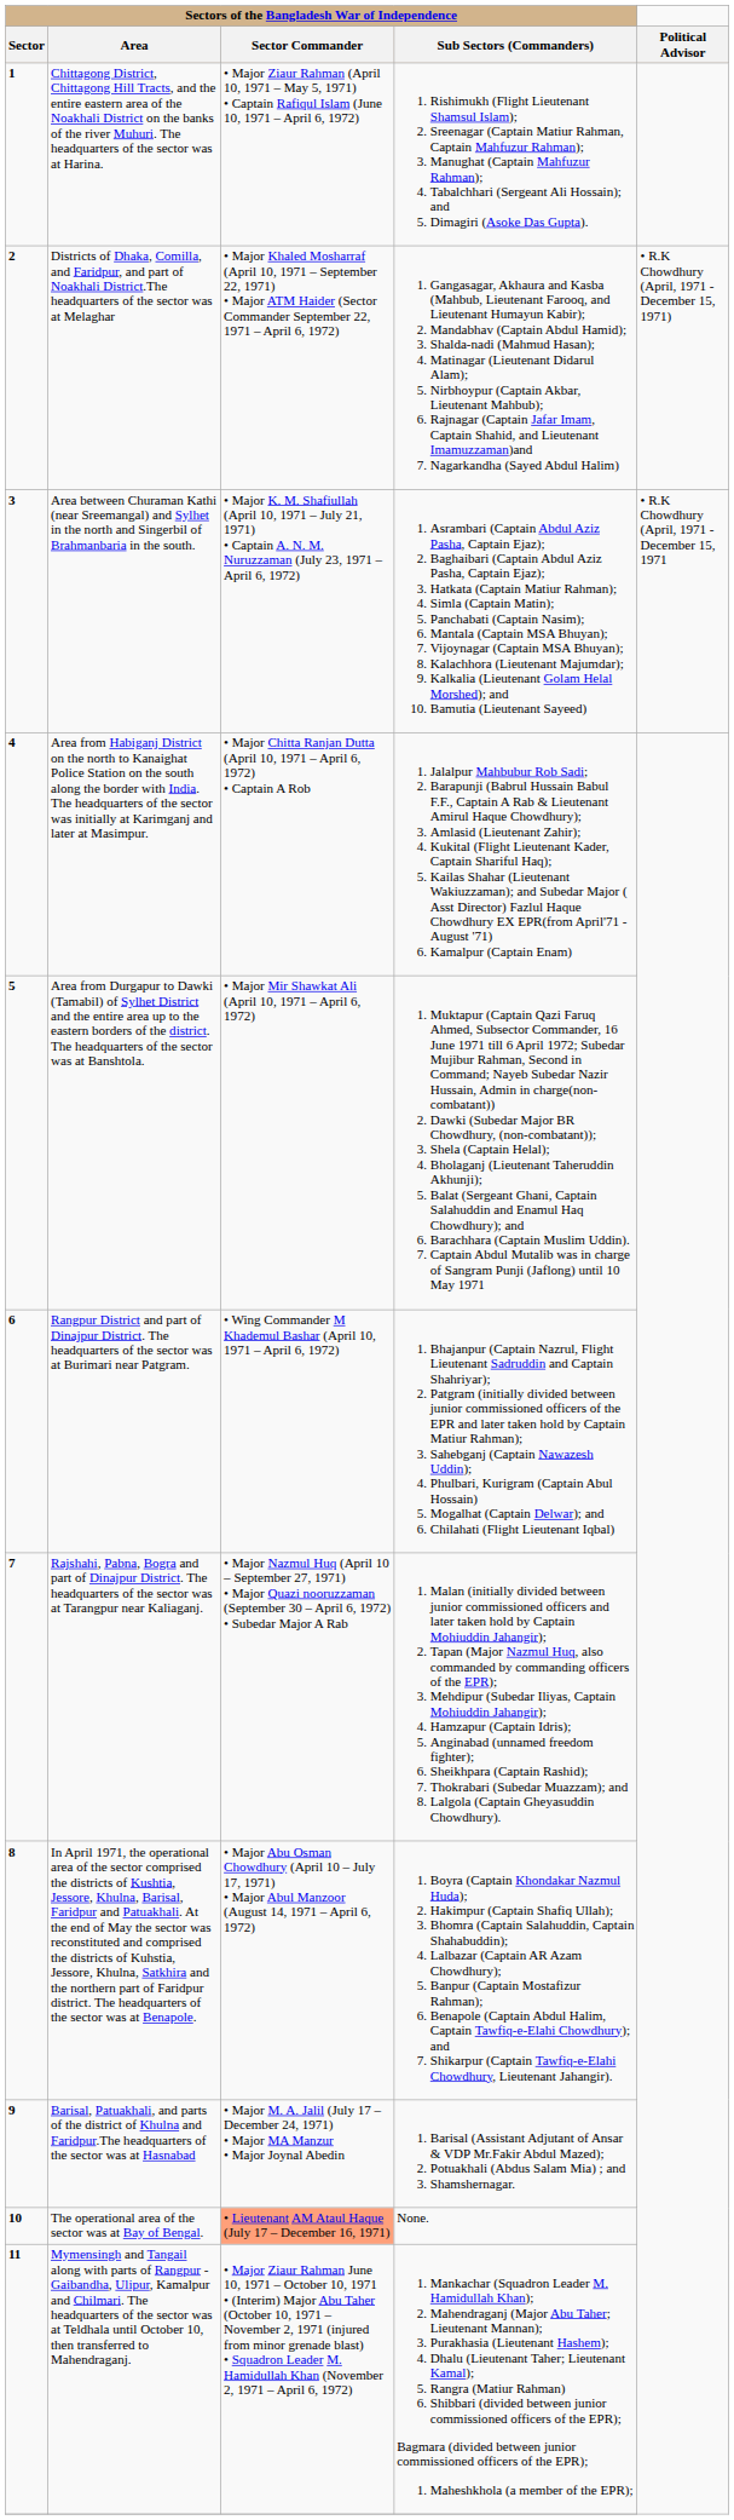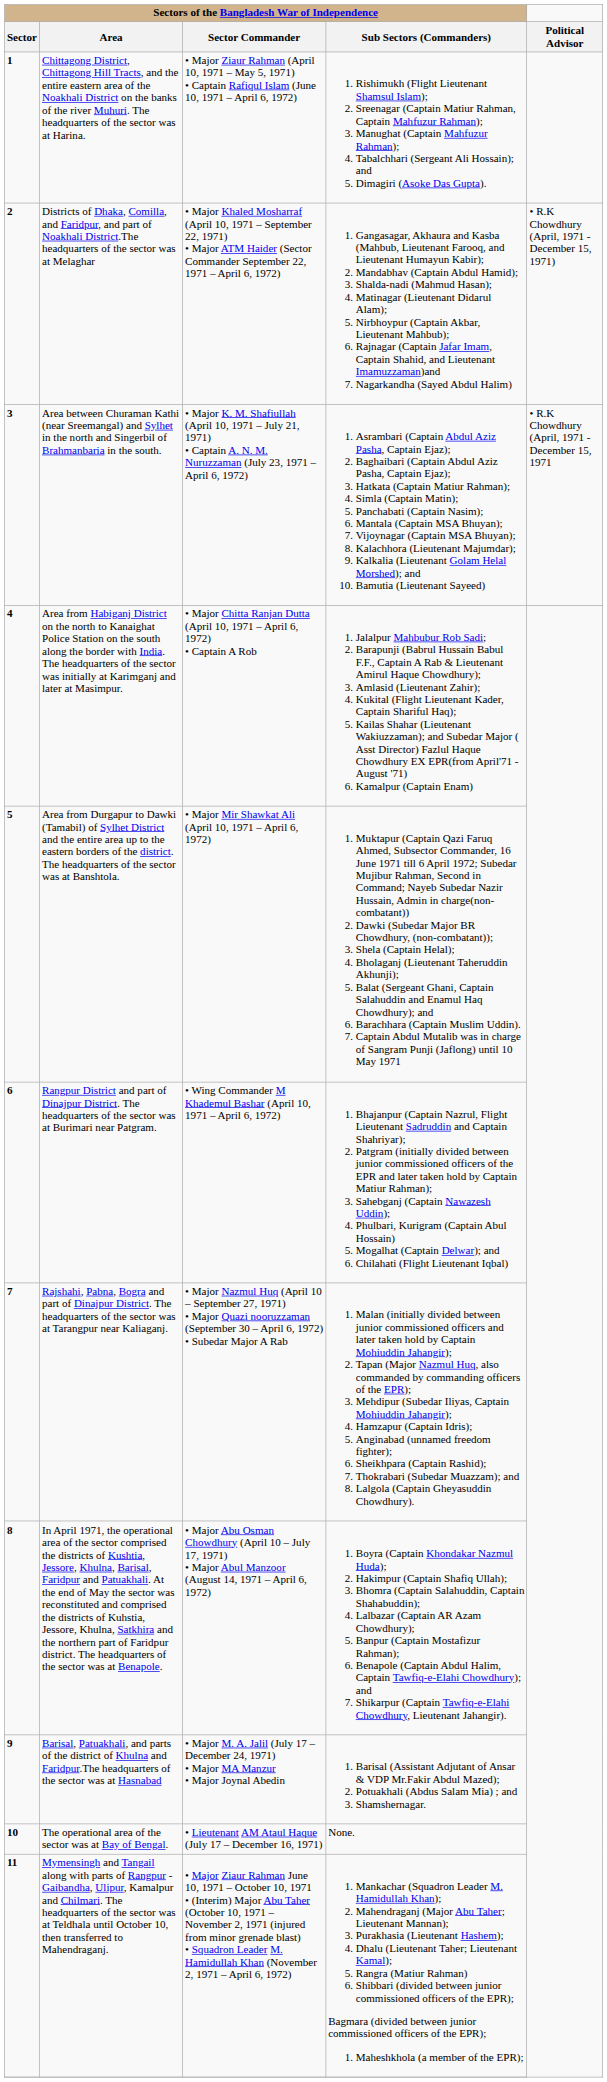 <table class="wikitable">
 <tr>
 <th colspan="4" style="background:tan;">Sectors of the <a href='#'>Bangladesh War of Independence</a></th>
 </tr>
 <tr style="background-color: #ffdab9;">
 <th>Sector</th>
 <th width="200pt">Area</th>
 <th width="200pt">Sector Commander</th>
 <th>Sub Sectors (Commanders)</th>
 <th>Political Advisor</th>
 </tr>
 <tr valign="top">
 <td><strong>1</strong></td>
 <td width="200pt"><a href='#'>Chittagong District</a>, <a href='#'>Chittagong Hill Tracts</a>, and the entire eastern area of the <a href='#'>Noakhali District</a> on the banks of the river <a href='#'>Muhuri</a>. The headquarters of the sector was at Harina.</td>
 <td width="120pt">• Major <a href='#'>Ziaur Rahman</a> (April 10, 1971 – May 5, 1971) <br>   • Captain <a href='#'>Rafiqul Islam</a> (June 10, 1971 – April 6, 1972)</td>
 <td><br><ol><li>Rishimukh (Flight Lieutenant <a href='#'>Shamsul Islam</a>);</li><li>Sreenagar (Captain Matiur Rahman, Captain <a href='#'>Mahfuzur Rahman</a>);</li><li>Manughat (Captain <a href='#'>Mahfuzur Rahman</a>);</li><li>Tabalchhari (Sergeant Ali Hossain); and</li><li>Dimagiri (<a href='#'>Asoke Das Gupta</a>).</li></ol></td>
 <td></td>
 </tr>
 <tr valign="top">
 <td><strong>2</strong></td>
 <td width="200pt">Districts of <a href='#'>Dhaka</a>, <a href='#'>Comilla</a>, and <a href='#'>Faridpur</a>, and part of <a href='#'>Noakhali District</a>.The headquarters of the sector was at Melaghar</td>
 <td width="120pt">• Major <a href='#'>Khaled Mosharraf</a> (April 10, 1971 – September 22, 1971)<br> • Major <a href='#'>ATM Haider</a> (Sector Commander September 22, 1971 – April 6, 1972)</td>
 <td><br><ol><li>Gangasagar, Akhaura and Kasba (Mahbub, Lieutenant Farooq, and Lieutenant Humayun Kabir);</li><li>Mandabhav (Captain Abdul Hamid);</li><li>Shalda-nadi (Mahmud Hasan);</li><li>Matinagar (Lieutenant Didarul Alam);</li><li>Nirbhoypur (Captain Akbar, Lieutenant Mahbub);</li><li>Rajnagar (Captain <a href='#'>Jafar Imam</a>, Captain Shahid, and Lieutenant <a href='#'>Imamuzzaman</a>)and</li><li>Nagarkandha (Sayed Abdul Halim)</li></ol></td>
 <td>• R.K Chowdhury (April, 1971 - December 15, 1971)</td>
 </tr>
 <tr valign="top">
 <td><strong>3</strong></td>
 <td width="200pt">Area between Churaman Kathi (near Sreemangal) and <a href='#'>Sylhet</a> in the north and Singerbil of <a href='#'>Brahmanbaria</a> in the south.</td>
 <td width="120pt">• Major <a href='#'>K. M. Shafiullah</a> (April 10, 1971 – July 21, 1971)<br> • Captain <a href='#'>A. N. M. Nuruzzaman</a> (July 23, 1971 – April 6, 1972)</td>
 <td><br><ol><li>Asrambari (Captain <a href='#'>Abdul Aziz Pasha</a>, Captain Ejaz);</li><li>Baghaibari (Captain Abdul Aziz Pasha, Captain Ejaz);</li><li>Hatkata (Captain Matiur Rahman);</li><li>Simla (Captain Matin);</li><li>Panchabati (Captain Nasim);</li><li>Mantala (Captain MSA Bhuyan);</li><li>Vijoynagar (Captain MSA Bhuyan);</li><li>Kalachhora (Lieutenant Majumdar);</li><li>Kalkalia (Lieutenant <a href='#'>Golam Helal Morshed</a>); and</li><li>Bamutia (Lieutenant Sayeed)</li></ol></td>
 <td>• R.K Chowdhury (April, 1971 - December 15, 1971</td>
 </tr>
 <tr valign="top">
 <td><strong>4</strong></td>
 <td width="200pt">Area from <a href='#'>Habiganj District</a> on the north to Kanaighat Police Station on the south along the  border with <a href='#'>India</a>. The headquarters of the sector was initially at Karimganj and later at Masimpur.</td>
 <td width="120pt">• Major <a href='#'>Chitta Ranjan Dutta</a> (April 10, 1971 – April 6, 1972)<br> • Captain A Rob</td>
 <td><br><ol><li>Jalalpur <a href='#'>Mahbubur Rob Sadi</a>;</li><li>Barapunji (Babrul Hussain Babul F.F., Captain A Rab & Lieutenant Amirul Haque Chowdhury);</li><li>Amlasid (Lieutenant Zahir);</li><li>Kukital (Flight Lieutenant Kader, Captain Shariful Haq);</li><li>Kailas Shahar (Lieutenant Wakiuzzaman); and  Subedar Major ( Asst Director) Fazlul Haque Chowdhury EX EPR(from April'71 - August '71)</li><li>Kamalpur (Captain Enam)</li></ol></td>
 </tr>
 <tr valign="top">
 <td><strong>5</strong></td>
 <td width="200pt">Area from Durgapur to Dawki (Tamabil) of <a href='#'>Sylhet District</a> and the entire area up to the eastern borders of the <a href='#'>district</a>. The headquarters of the sector was at Banshtola.</td>
 <td width="120pt">• Major <a href='#'>Mir Shawkat Ali</a> (April 10, 1971 – April 6, 1972)</td>
 <td><br><ol><li>Muktapur (Captain Qazi Faruq Ahmed, Subsector Commander, 16 June 1971 till 6 April 1972; Subedar Mujibur Rahman, Second in Command; Nayeb Subedar Nazir Hussain, Admin in charge(non-combatant))</li><li>Dawki (Subedar Major BR Chowdhury, (non-combatant));</li><li>Shela (Captain Helal);</li><li>Bholaganj (Lieutenant Taheruddin Akhunji);</li><li>Balat (Sergeant Ghani, Captain Salahuddin and Enamul Haq Chowdhury); and</li><li>Barachhara (Captain Muslim Uddin).</li><li>Captain Abdul Mutalib was in charge of Sangram Punji (Jaflong) until 10 May 1971</li></ol></td>
 </tr>
 <tr valign="top">
 <td><strong>6</strong></td>
 <td width="200pt"><a href='#'>Rangpur District</a> and part of <a href='#'>Dinajpur District</a>. The headquarters of the sector was at Burimari near Patgram.</td>
 <td width="120pt">• Wing Commander <a href='#'>M Khademul Bashar</a> (April 10, 1971 – April 6, 1972)</td>
 <td><br><ol><li>Bhajanpur (Captain Nazrul, Flight Lieutenant <a href='#'>Sadruddin</a> and Captain Shahriyar);</li><li>Patgram (initially divided between junior commissioned officers of the EPR and later taken hold by Captain Matiur Rahman);</li><li>Sahebganj (Captain <a href='#'>Nawazesh Uddin</a>);</li><li>Phulbari, Kurigram (Captain Abul Hossain)</li><li>Mogalhat (Captain <a href='#'>Delwar</a>); and</li><li>Chilahati (Flight Lieutenant Iqbal)</li></ol></td>
 </tr>
 <tr valign="top">
 <td><strong>7</strong></td>
 <td width="200pt"><a href='#'>Rajshahi</a>, <a href='#'>Pabna</a>, <a href='#'>Bogra</a> and part of <a href='#'>Dinajpur District</a>. The headquarters of the sector was at Tarangpur near Kaliaganj.</td>
 <td width="120pt">• Major <a href='#'>Nazmul Huq</a> (April 10 – September 27, 1971)<br> • Major <a href='#'>Quazi nooruzzaman</a> (September 30 – April 6, 1972)<br> • Subedar Major A Rab</td>
 <td><br><ol><li>Malan (initially divided between junior commissioned officers and later taken hold by Captain <a href='#'>Mohiuddin Jahangir</a>);</li><li>Tapan (Major <a href='#'>Nazmul Huq</a>, also commanded by commanding officers of the <a href='#'>EPR</a>);</li><li>Mehdipur (Subedar Iliyas, Captain <a href='#'>Mohiuddin Jahangir</a>);</li><li>Hamzapur (Captain Idris);</li><li>Anginabad (unnamed freedom fighter);</li><li>Sheikhpara (Captain Rashid);</li><li>Thokrabari (Subedar Muazzam); and</li><li>Lalgola (Captain Gheyasuddin Chowdhury).</li></ol></td>
 </tr>
 <tr valign="top">
 <td><strong>8</strong></td>
 <td width="200pt">In April 1971, the operational area of the sector comprised the districts of <a href='#'>Kushtia</a>, <a href='#'>Jessore</a>, <a href='#'>Khulna</a>, <a href='#'>Barisal</a>, <a href='#'>Faridpur</a> and <a href='#'>Patuakhali</a>. At the end of May the sector was reconstituted and comprised the districts of Kuhstia, Jessore, Khulna, <a href='#'>Satkhira</a> and the northern part of Faridpur district. The headquarters of the sector was at <a href='#'>Benapole</a>.</td>
 <td width="120pt">• Major <a href='#'>Abu Osman Chowdhury</a> (April 10 – July 17, 1971)<br> • Major <a href='#'>Abul Manzoor</a> (August 14, 1971 – April 6, 1972)</td>
 <td><br><ol><li>Boyra (Captain <a href='#'>Khondakar Nazmul Huda</a>);</li><li>Hakimpur (Captain Shafiq Ullah);</li><li>Bhomra (Captain Salahuddin, Captain Shahabuddin);</li><li>Lalbazar (Captain AR Azam Chowdhury);</li><li>Banpur (Captain Mostafizur Rahman);</li><li>Benapole (Captain Abdul Halim, Captain <a href='#'>Tawfiq-e-Elahi Chowdhury</a>); and</li><li>Shikarpur (Captain <a href='#'>Tawfiq-e-Elahi Chowdhury</a>, Lieutenant Jahangir).</li></ol></td>
 </tr>
 <tr valign="top">
 <td><strong>9</strong></td>
 <td width="200pt"><a href='#'>Barisal</a>, <a href='#'>Patuakhali</a>, and parts of the district of <a href='#'>Khulna</a> and <a href='#'>Faridpur</a>.The headquarters of the sector was at <a href='#'>Hasnabad</a></td>
 <td width="120pt">• Major <a href='#'>M. A. Jalil</a> (July 17 – December 24, 1971)<br> • Major <a href='#'>MA Manzur</a><br> • Major Joynal Abedin</td>
 <td><br><ol><li>Barisal (Assistant Adjutant of Ansar & VDP Mr.Fakir Abdul Mazed);</li><li>Potuakhali (Abdus Salam Mia) ; and</li><li>Shamshernagar.</li></ol></td>
 </tr>
 <tr valign="top">
 <td><strong>10</strong></td>
 <td width="200pt">The operational area of the sector was at <a href='#'>Bay of Bengal</a>.</td>
-<td width="120pt" style="background: lightsalmon;">• <a href='#'>Lieutenant</a>  <a href='#'>AM Ataul Haque</a> (July 17 – December 16, 1971)</td>
+<td width="120pt">• <a href='#'>Lieutenant</a>  <a href='#'>AM Ataul Haque</a> (July 17 – December 16, 1971)</td>
 <td>None.</td>
 </tr>
 <tr valign="top">
 <td><strong>11</strong></td>
 <td width="200pt"><a href='#'>Mymensingh</a> and <a href='#'>Tangail</a> along with parts of <a href='#'>Rangpur</a> - <a href='#'>Gaibandha</a>, <a href='#'>Ulipur</a>, Kamalpur and <a href='#'>Chilmari</a>. The headquarters of the sector was at Teldhala until October 10, then transferred to Mahendraganj.</td>
 <td width="120pt"><br>• <a href='#'>Major</a> <a href='#'>Ziaur Rahman</a> June 10, 1971 – October 10, 1971<br> • (Interim) Major <a href='#'>Abu Taher</a> (October 10, 1971 – November 2, 1971 (injured from minor grenade blast)<br>  • <a href='#'>Squadron Leader</a> <a href='#'>M. Hamidullah Khan</a> (November 2, 1971 – April 6, 1972)</td>
 <td><br><ol><li>Mankachar (Squadron Leader <a href='#'>M. Hamidullah Khan</a>);</li><li>Mahendraganj (Major  <a href='#'>Abu Taher</a>; Lieutenant Mannan);</li><li>Purakhasia (Lieutenant <a href='#'>Hashem</a>);</li><li>Dhalu (Lieutenant Taher; Lieutenant <a href='#'>Kamal</a>);</li><li>Rangra (Matiur Rahman)</li><li>Shibbari (divided between junior commissioned officers of the EPR);</li></ol>Bagmara (divided between junior commissioned officers of the EPR);<ol><li>Maheshkhola (a member of the EPR);</li></ol></td>
 </tr>
 <tr>
 </tr>
 </table>
